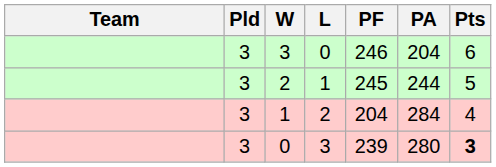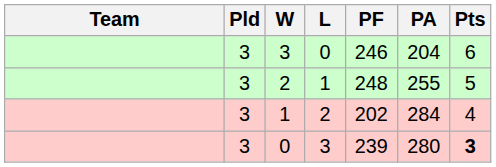 <table class="wikitable" style="text-align:center;">
 <tr>
 <th width=170>Team</th>
 <th width=25>Pld</th>
 <th width=25>W</th>
 <th width=25>L</th>
 <th width=35>PF</th>
 <th width=35>PA</th>
 <th width=25>Pts</th>
 </tr>
 <tr bgcolor=#ccffcc>
 <td align="left"></td>
 <td>3</td>
 <td>3</td>
 <td>0</td>
 <td>246</td>
 <td>204</td>
 <td>6</td>
 </tr>
 <tr bgcolor=#ccffcc>
 <td align="left"></td>
 <td>3</td>
 <td>2</td>
 <td>1</td>
-<td>245</td>
-<td>244</td>
+<td>248</td>
+<td>255</td>
 <td>5</td>
 </tr>
 <tr bgcolor=#ffcccc>
 <td align="left"></td>
 <td>3</td>
 <td>1</td>
 <td>2</td>
-<td>204</td>
+<td>202</td>
 <td>284</td>
 <td>4</td>
 </tr>
 <tr bgcolor=#ffcccc>
 <td align="left"></td>
 <td>3</td>
 <td>0</td>
 <td>3</td>
 <td>239</td>
 <td>280</td>
 <td><strong>3</strong></td>
 </tr>
 </table>
